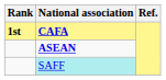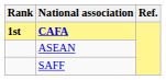 <table class="wikitable">
 <tr>
 <th>Rank</th>
 <th>National association</th>
 <th>Ref.</th>
 </tr>
 <tr bgcolor="#FFF68F">
 <td><strong>1st</strong></td>
 <td><strong><a href='#'>CAFA</a></strong></td>
 <td rowspan=3></td>
 </tr>
 <tr>
 <td></td>
-<td><strong><a href='#'>ASEAN</a></strong></td>
+<td><a href='#'>ASEAN</a></td>
 </tr>
 <tr>
 <td></td>
-<td style="background: paleturquoise;"><a href='#'>SAFF</a></td>
+<td><a href='#'>SAFF</a></td>
 </tr>
 </table>
